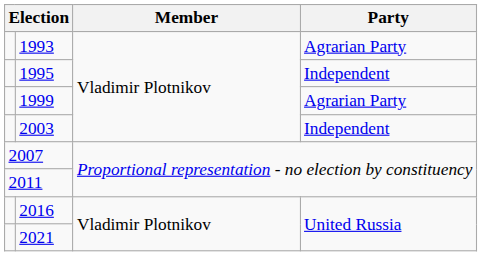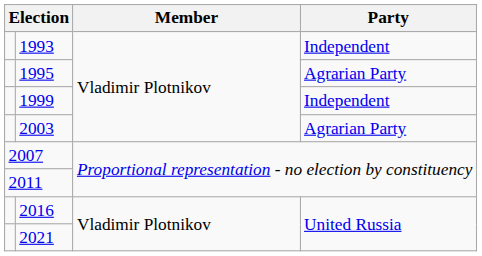 <table class="wikitable">
 <tr>
 <th colspan="2">Election</th>
 <th>Member</th>
 <th>Party</th>
 </tr>
 <tr>
 <td style="background-color:"></td>
 <td><a href='#'>1993</a></td>
 <td rowspan=4>Vladimir Plotnikov</td>
+<td><a href='#'>Independent</a></td>
+</tr>
+<tr>
+<td style="background-color:"></td>
+<td><a href='#'>1995</a></td>
 <td><a href='#'>Agrarian Party</a></td>
 </tr>
 <tr>
 <td style="background-color:"></td>
-<td><a href='#'>1995</a></td>
+<td><a href='#'>1999</a></td>
 <td><a href='#'>Independent</a></td>
 </tr>
 <tr>
 <td style="background-color:"></td>
-<td><a href='#'>1999</a></td>
+<td><a href='#'>2003</a></td>
 <td><a href='#'>Agrarian Party</a></td>
-</tr>
-<tr>
-<td style="background-color:"></td>
-<td><a href='#'>2003</a></td>
-<td><a href='#'>Independent</a></td>
 </tr>
 <tr>
 <td colspan=2><a href='#'>2007</a></td>
 <td colspan=2 rowspan=2><em><a href='#'>Proportional representation</a> - no election by constituency</em></td>
 </tr>
 <tr>
 <td colspan=2><a href='#'>2011</a></td>
 </tr>
 <tr>
 <td style="background-color: "></td>
 <td><a href='#'>2016</a></td>
 <td rowspan=2>Vladimir Plotnikov</td>
 <td rowspan=2><a href='#'>United Russia</a></td>
 </tr>
 <tr>
 <td style="background-color: "></td>
 <td><a href='#'>2021</a></td>
 </tr>
 </table>
